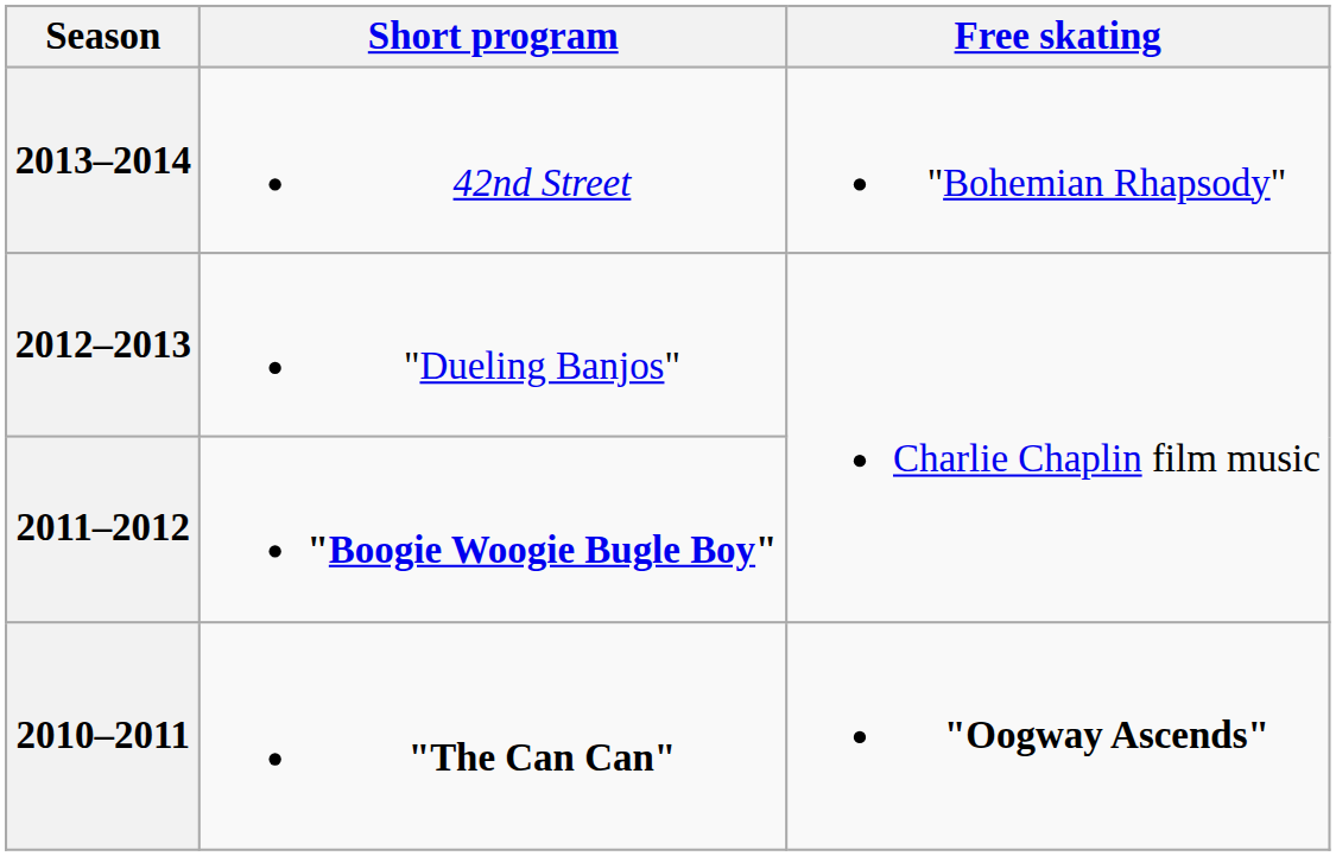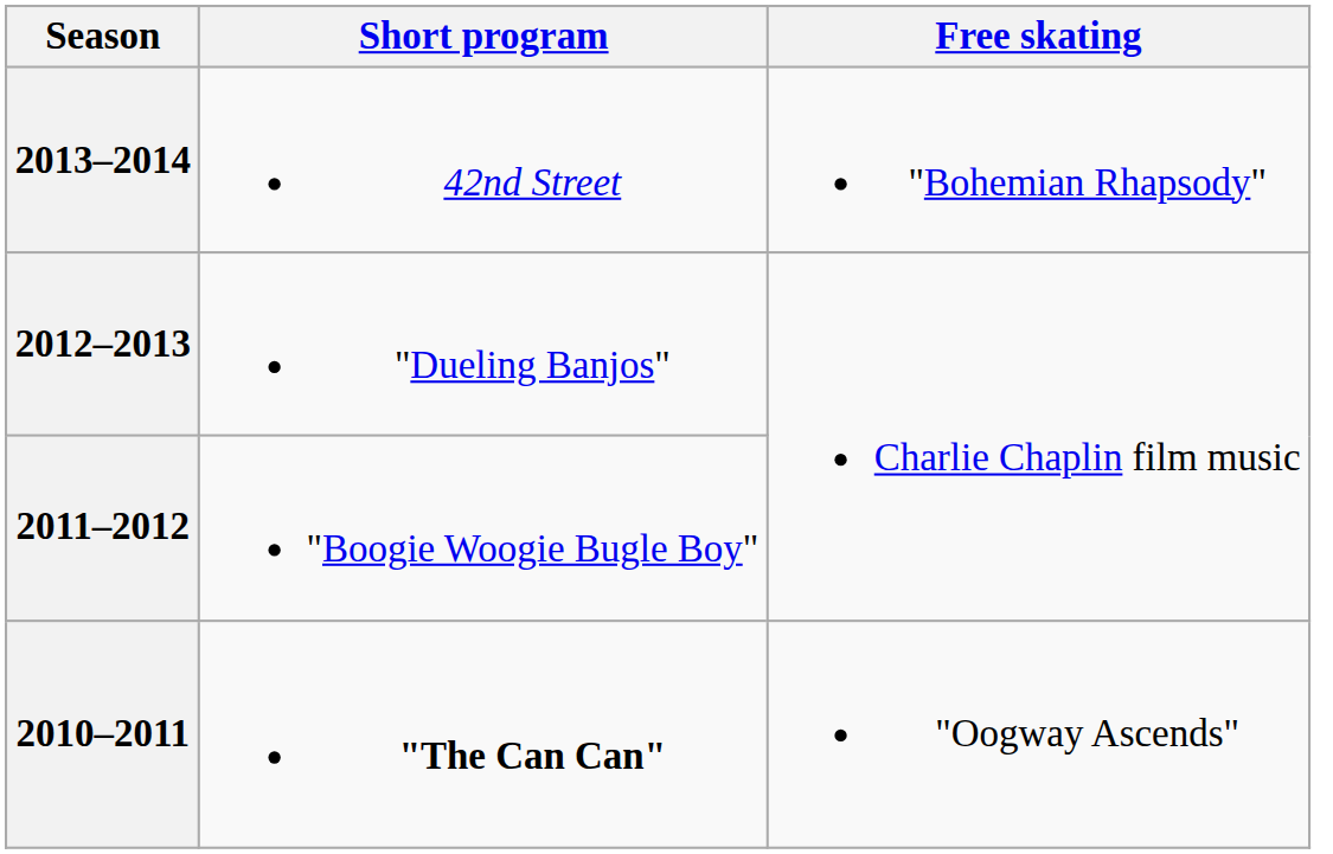 <table class=wikitable style=text-align:center>
 <tr>
 <th>Season</th>
 <th><a href='#'>Short program</a></th>
 <th><a href='#'>Free skating</a></th>
 </tr>
 <tr>
 <th>2013–2014 <br> </th>
 <td><br><ul><li><em><a href='#'>42nd Street</a></em> <br></li></ul></td>
 <td><br><ul><li>"<a href='#'>Bohemian Rhapsody</a>" <br></li></ul></td>
 </tr>
 <tr>
 <th>2012–2013 <br> </th>
 <td><br><ul><li>"<a href='#'>Dueling Banjos</a>" <br></li></ul></td>
 <td rowspan=2><br><ul><li><a href='#'>Charlie Chaplin</a> film music</li></ul></td>
 </tr>
 <tr>
 <th>2011–2012 <br> </th>
-<td><strong><br><ul><li>"<a href='#'>Boogie Woogie Bugle Boy</a>" <br></li></ul></strong></td>
+<td><br><ul><li>"<a href='#'>Boogie Woogie Bugle Boy</a>" <br></li></ul></td>
 </tr>
 <tr>
 <th>2010–2011 <br> </th>
 <td><strong><br><ul><li>"The Can Can" <br></li></ul></strong></td>
-<td><strong><br><ul><li>"Oogway Ascends" <br><br></li></ul></strong></td>
+<td><br><ul><li>"Oogway Ascends" <br><br></li></ul></td>
 </tr>
 </table>
